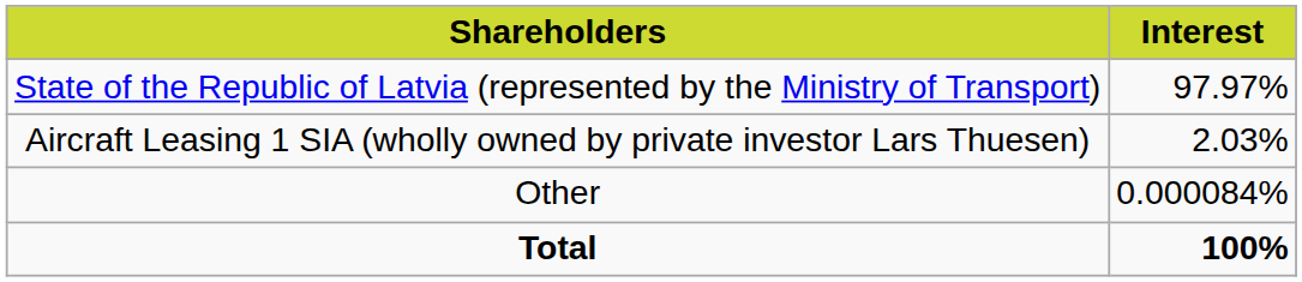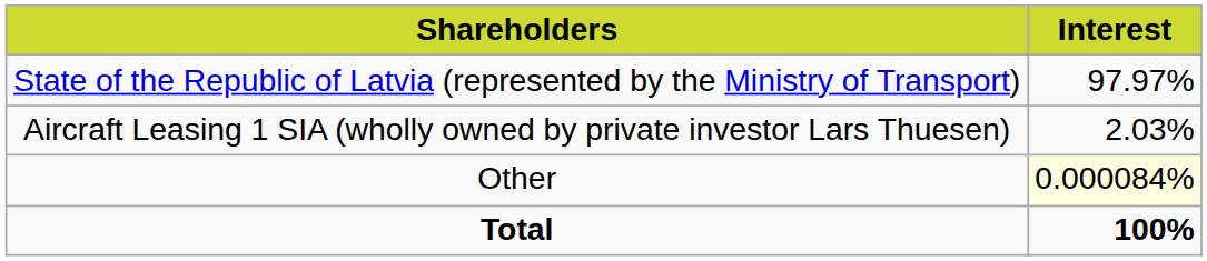 <table class="wikitable" style="margin:0.5em auto; text-align:center">
 <tr>
 <th style="background: #cdda32;">Shareholders</th>
 <th style="background: #cdda32;">Interest</th>
 </tr>
 <tr>
 <td><a href='#'>State of the Republic of Latvia</a> (represented by the <a href='#'>Ministry of Transport</a>)</td>
 <td align=right>97.97%</td>
 </tr>
 <tr>
 <td>Aircraft Leasing 1 SIA (wholly owned by private investor Lars Thuesen)</td>
 <td align=right>2.03%</td>
 </tr>
 <tr>
 <td>Other</td>
-<td align=right>0.000084%</td>
+<td align=right style="background: lightyellow;">0.000084%</td>
 </tr>
 <tr>
 <td><strong>Total</strong></td>
 <td align=right><strong>100%</strong></td>
 </tr>
 </table>
